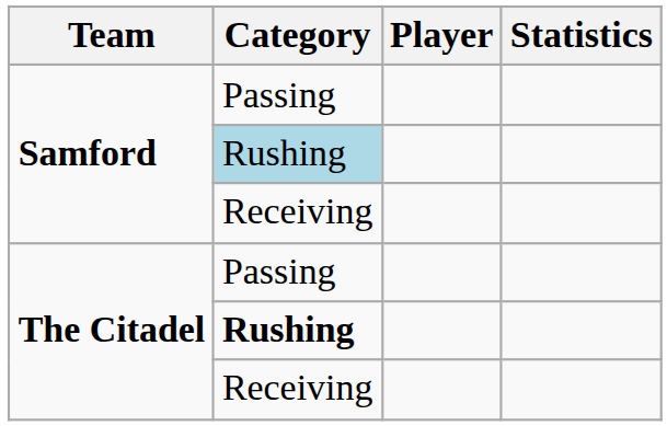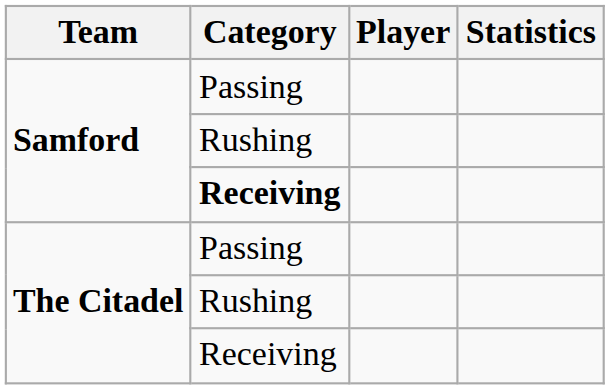 <table class="wikitable" style="float: right;">
 <tr>
 <th>Team</th>
 <th>Category</th>
 <th>Player</th>
 <th>Statistics</th>
 </tr>
 <tr>
 <td rowspan=3><strong>Samford</strong></td>
 <td>Passing</td>
 <td></td>
 <td></td>
 </tr>
 <tr>
-<td style="background: lightblue;">Rushing</td>
+<td>Rushing</td>
 <td></td>
 <td></td>
 </tr>
 <tr>
-<td>Receiving</td>
+<td><strong>Receiving</strong></td>
 <td></td>
 <td></td>
 </tr>
 <tr>
 <td rowspan=3><strong>The Citadel</strong></td>
 <td>Passing</td>
 <td></td>
 <td></td>
 </tr>
 <tr>
-<td><strong>Rushing</strong></td>
+<td>Rushing</td>
 <td></td>
 <td></td>
 </tr>
 <tr>
 <td>Receiving</td>
 <td></td>
 <td></td>
 </tr>
 </table>
